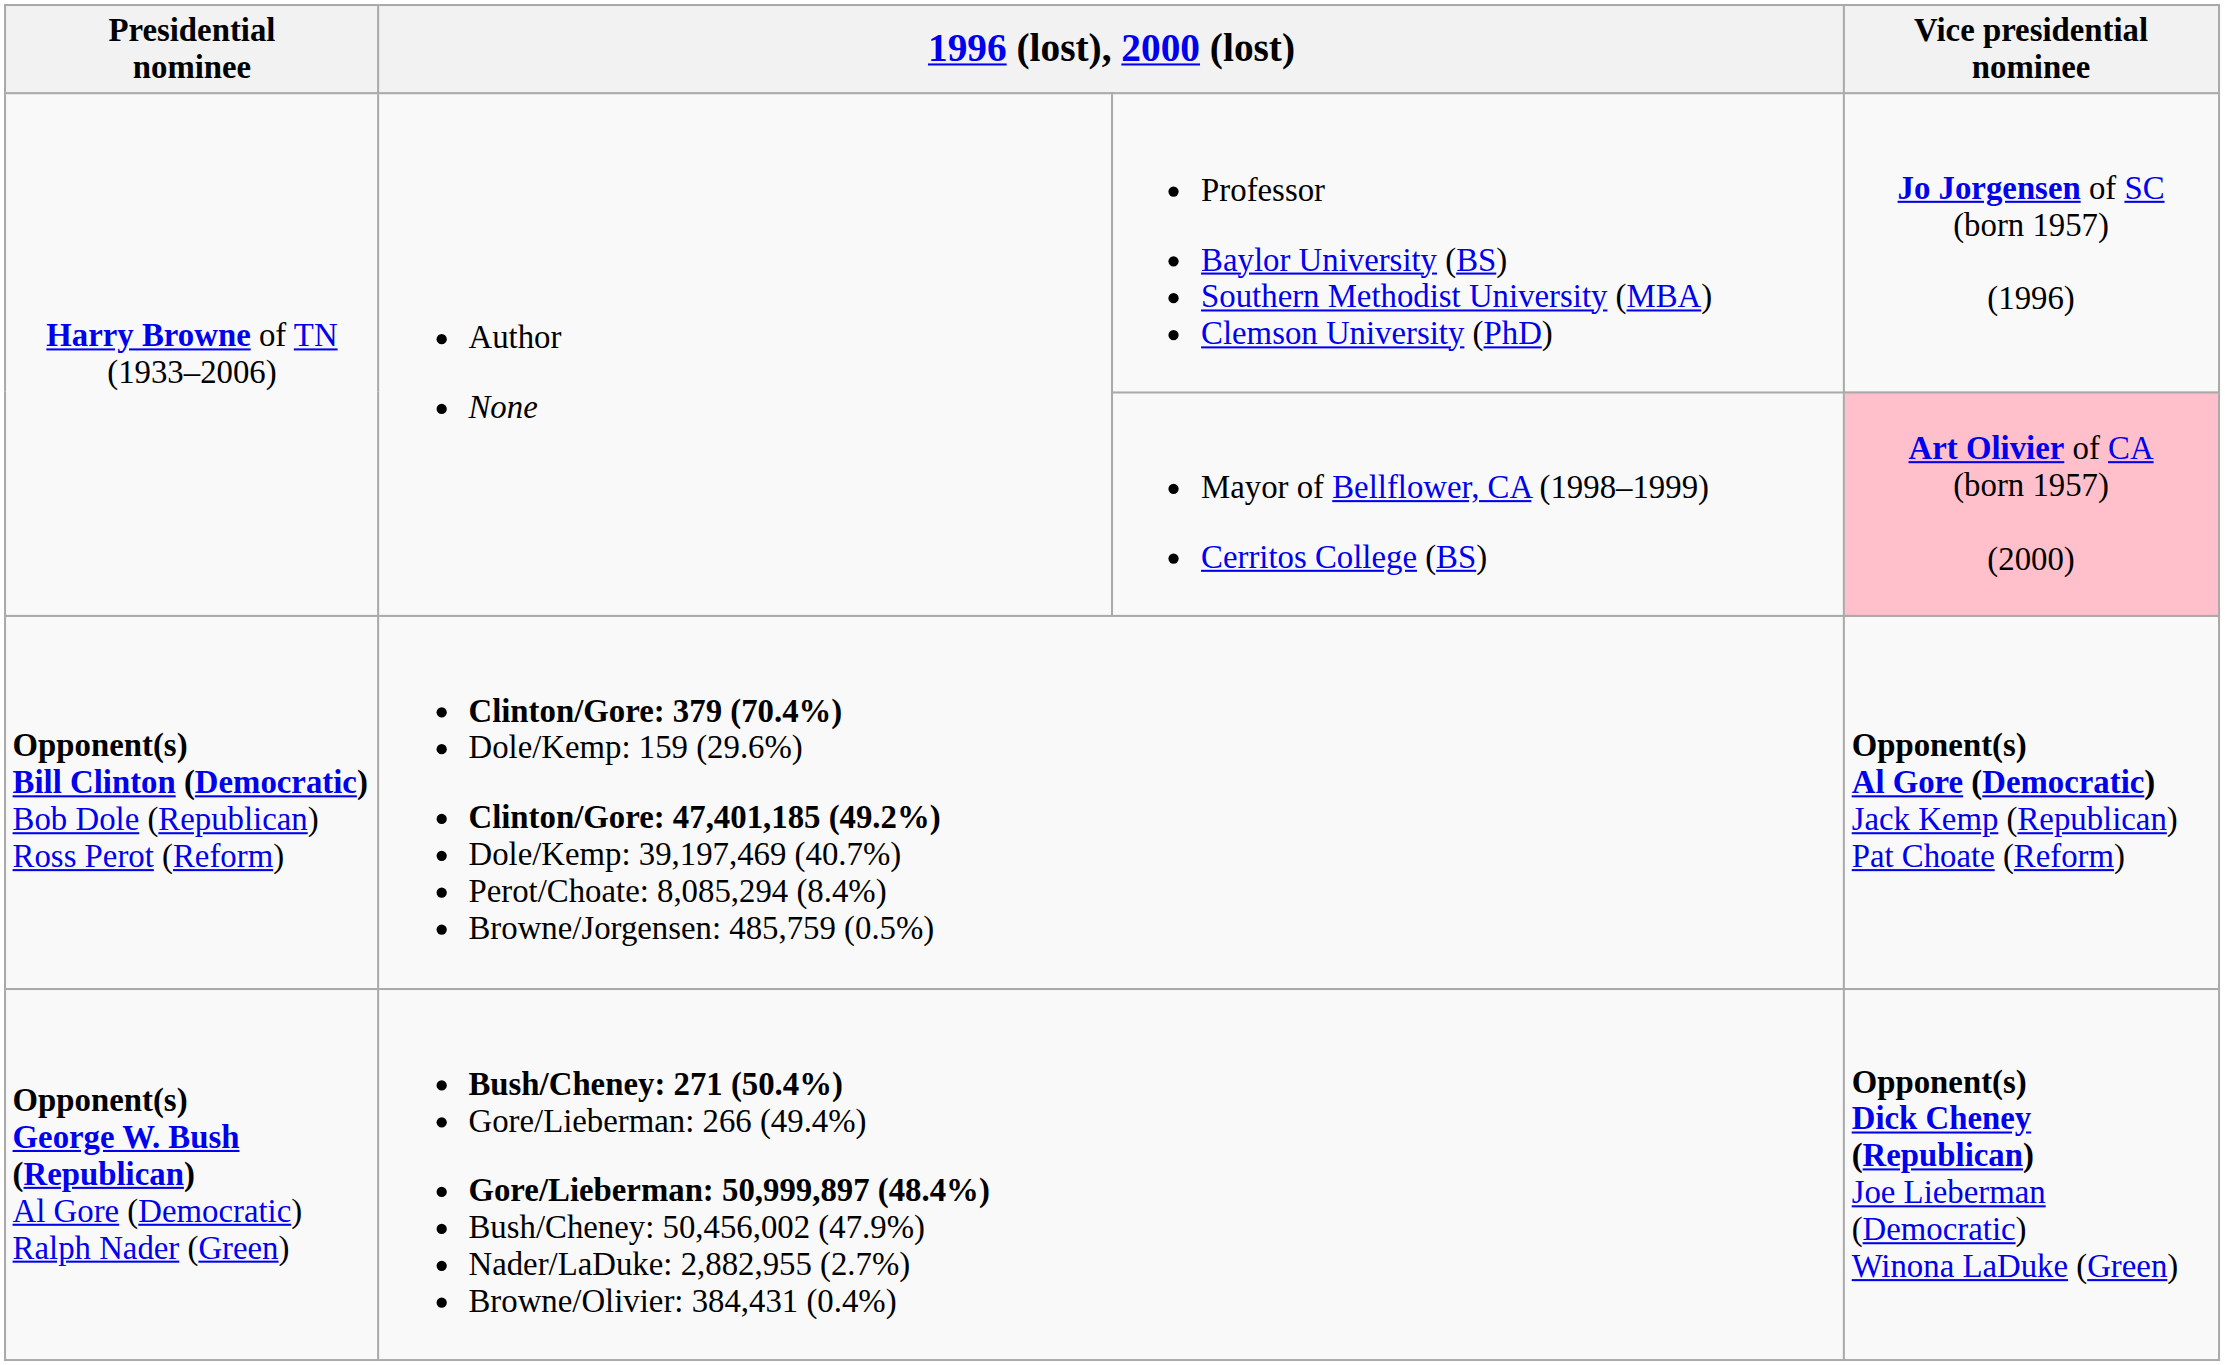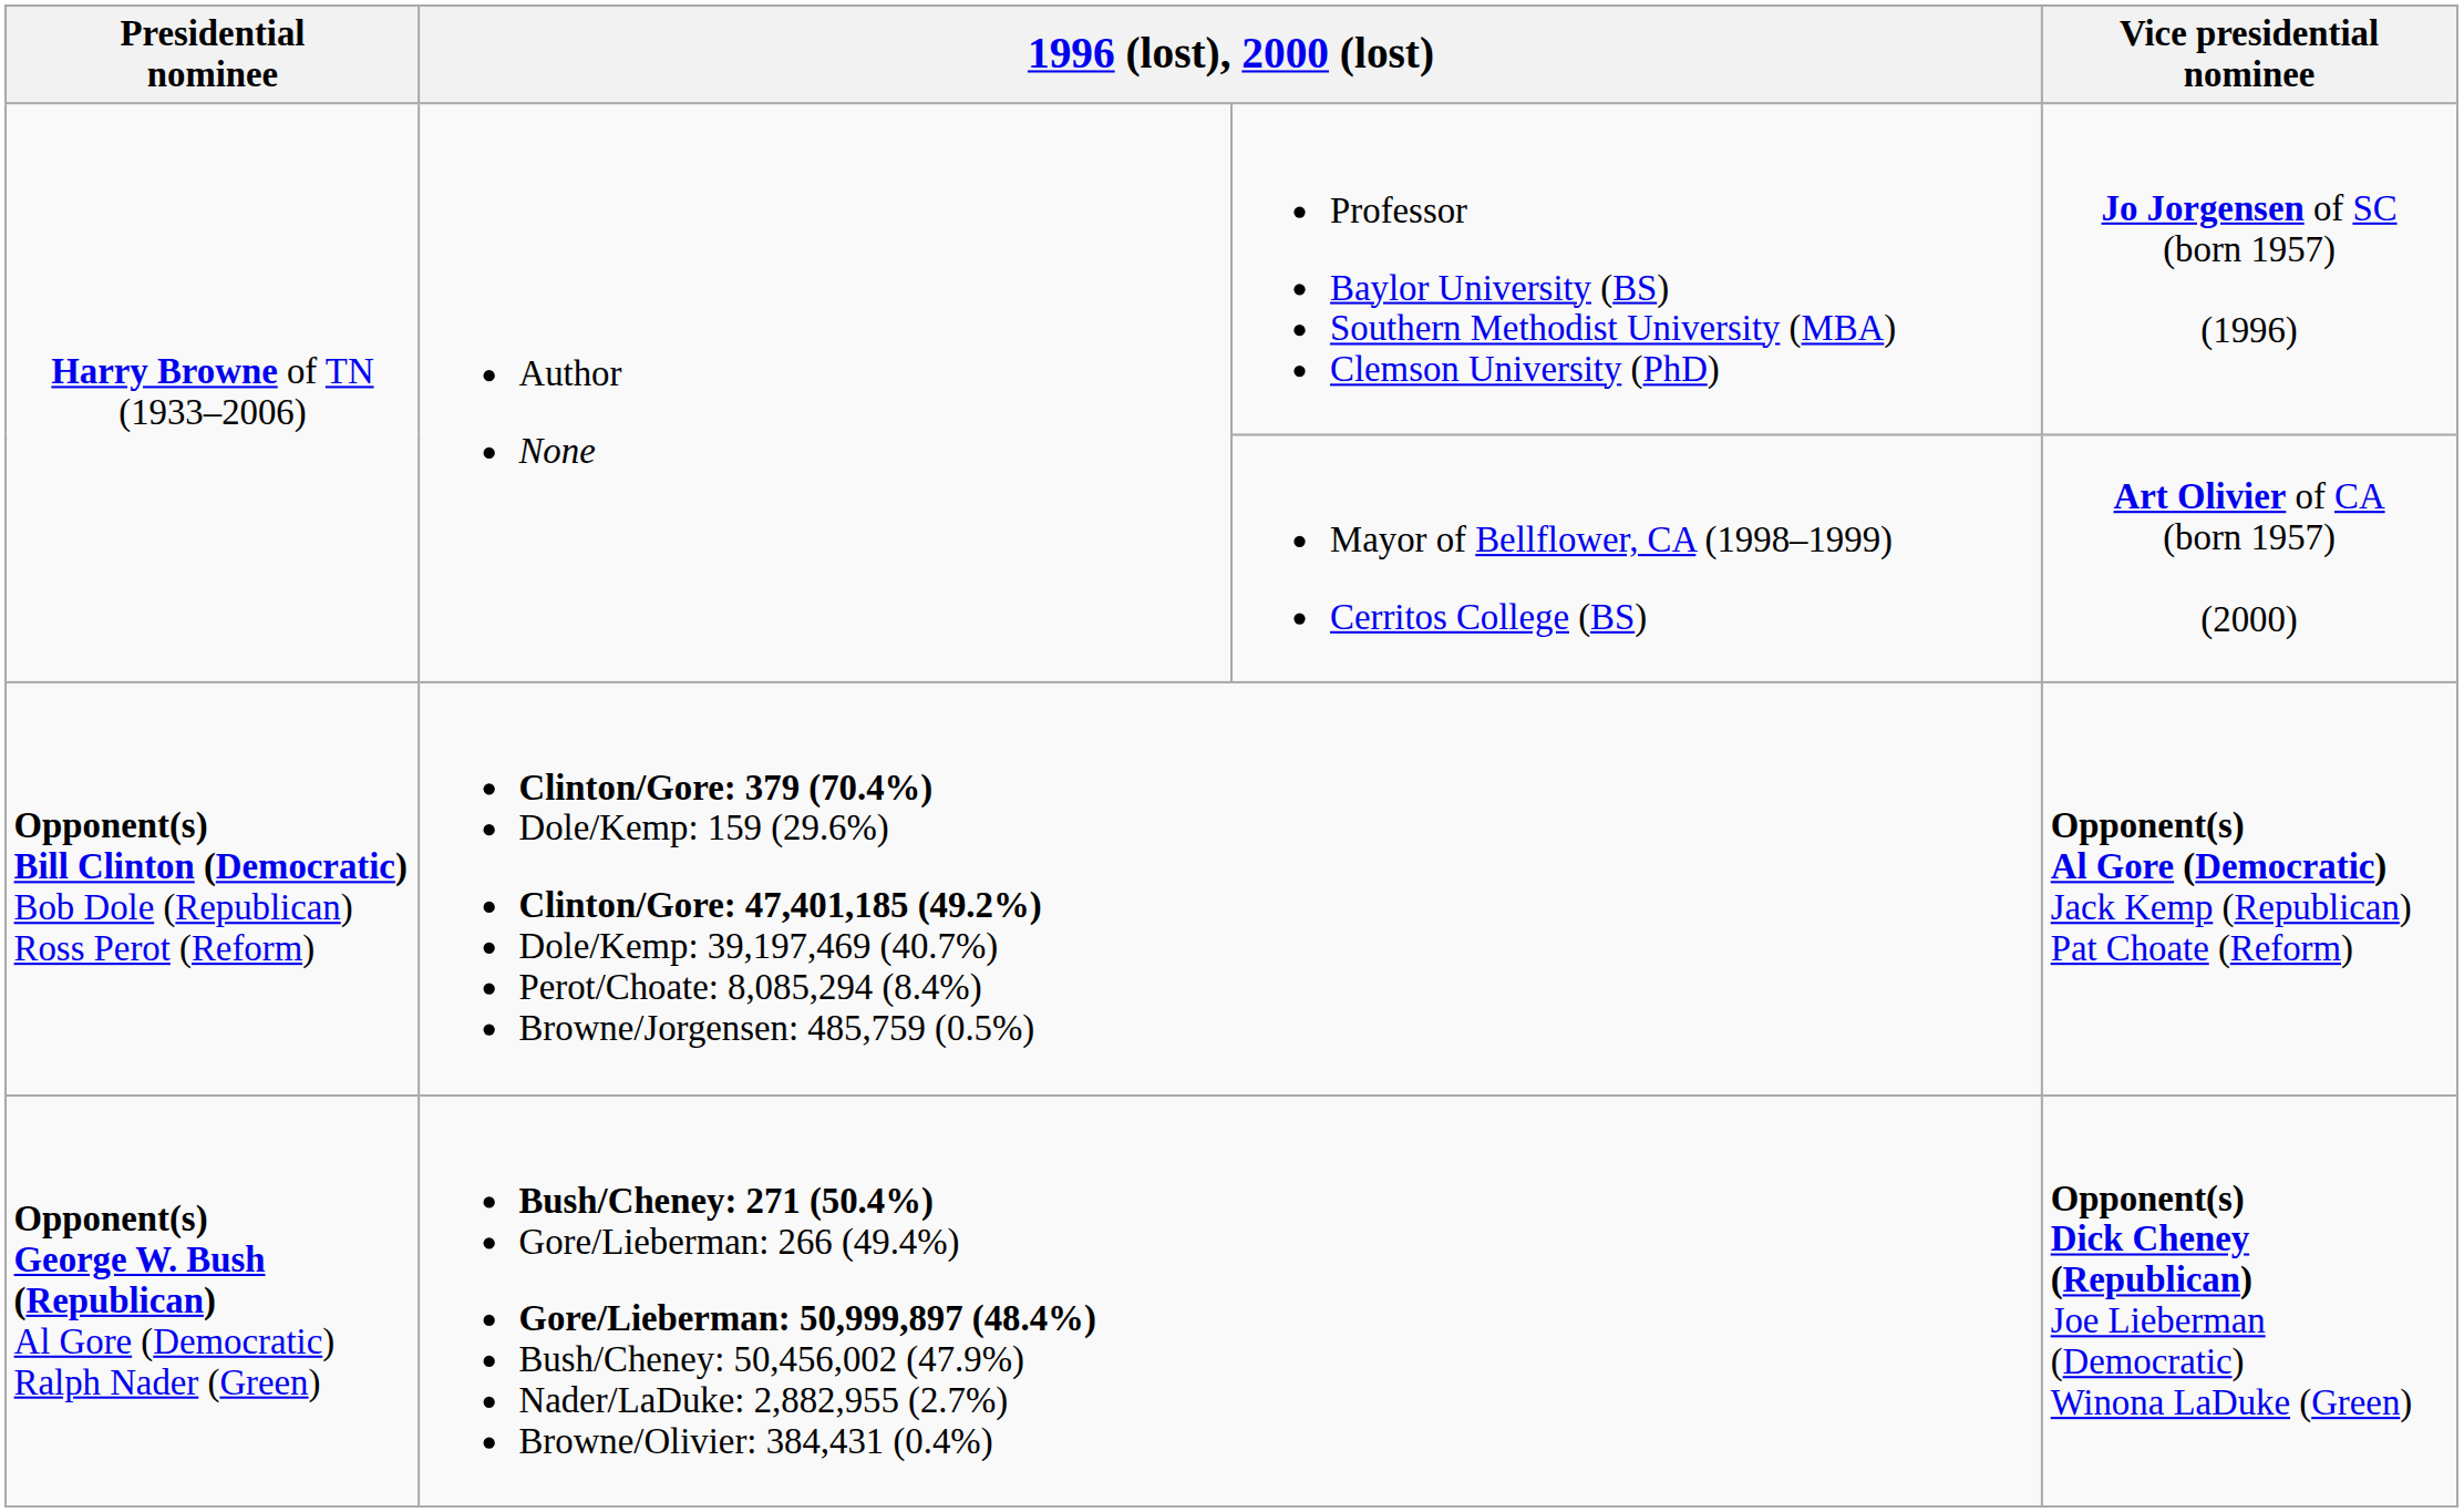 <table class="wikitable">
 <tr>
 <th width=175>Presidential<br>nominee</th>
 <th colspan=2><big><a href='#'>1996</a> (lost), <a href='#'>2000</a> (lost)</big></th>
 <th width=175>Vice presidential<br>nominee</th>
 </tr>
 <tr>
 <td rowspan=2 style="text-align:center;"><strong><a href='#'>Harry Browne</a></strong> of <a href='#'>TN</a><br>(1933–2006)<br></td>
 <td rowspan=2 width=350><br><ul><li>Author</li></ul><ul><li><em>None</em></li></ul></td>
 <td width=350><br><ul><li>Professor</li></ul><ul><li><a href='#'>Baylor University</a> (<a href='#'>BS</a>)</li><li><a href='#'>Southern Methodist University</a> (<a href='#'>MBA</a>)</li><li><a href='#'>Clemson University</a> (<a href='#'>PhD</a>)</li></ul></td>
 <td style="text-align:center;"><strong><a href='#'>Jo Jorgensen</a></strong> of <a href='#'>SC</a><br>(born 1957)<br><br>(1996)</td>
 </tr>
 <tr>
 <td width=350><br><ul><li>Mayor of <a href='#'>Bellflower, CA</a> (1998–1999)</li></ul><ul><li><a href='#'>Cerritos College</a> (<a href='#'>BS</a>)</li></ul></td>
-<td style="background: pink; text-align:center;"><strong><a href='#'>Art Olivier</a></strong> of <a href='#'>CA</a><br>(born 1957)<br><br>(2000)</td>
+<td style="text-align:center;"><strong><a href='#'>Art Olivier</a></strong> of <a href='#'>CA</a><br>(born 1957)<br><br>(2000)</td>
 </tr>
 <tr>
 <td><strong>Opponent(s)</strong><br><strong><a href='#'>Bill Clinton</a> (<a href='#'>Democratic</a>)</strong><br><a href='#'>Bob Dole</a> (<a href='#'>Republican</a>)<br><a href='#'>Ross Perot</a> (<a href='#'>Reform</a>)</td>
 <td colspan=2><br><ul><li><strong>Clinton/Gore: 379 (70.4%)</strong></li><li>Dole/Kemp: 159 (29.6%)</li></ul><ul><li><strong>Clinton/Gore: 47,401,185 (49.2%)</strong></li><li>Dole/Kemp: 39,197,469 (40.7%)</li><li>Perot/Choate: 8,085,294 (8.4%)</li><li>Browne/Jorgensen: 485,759 (0.5%)</li></ul></td>
 <td><strong>Opponent(s)</strong><br><strong><a href='#'>Al Gore</a> (<a href='#'>Democratic</a>)</strong><br><a href='#'>Jack Kemp</a> (<a href='#'>Republican</a>)<br><a href='#'>Pat Choate</a> (<a href='#'>Reform</a>)</td>
 </tr>
 <tr>
 <td><strong>Opponent(s)</strong><br><strong><a href='#'>George W. Bush</a> (<a href='#'>Republican</a>)</strong><br><a href='#'>Al Gore</a> (<a href='#'>Democratic</a>)<br><a href='#'>Ralph Nader</a> (<a href='#'>Green</a>)</td>
 <td colspan=2><br><ul><li><strong>Bush/Cheney: 271 (50.4%)</strong></li><li>Gore/Lieberman: 266 (49.4%)</li></ul><ul><li><strong>Gore/Lieberman: 50,999,897 (48.4%)</strong></li><li>Bush/Cheney: 50,456,002 (47.9%)</li><li>Nader/LaDuke: 2,882,955 (2.7%)</li><li>Browne/Olivier: 384,431 (0.4%)</li></ul></td>
 <td><strong>Opponent(s)</strong><br><strong><a href='#'>Dick Cheney</a> (<a href='#'>Republican</a>)</strong><br><a href='#'>Joe Lieberman</a> (<a href='#'>Democratic</a>)<br><a href='#'>Winona LaDuke</a> (<a href='#'>Green</a>)</td>
 </tr>
 </table>
